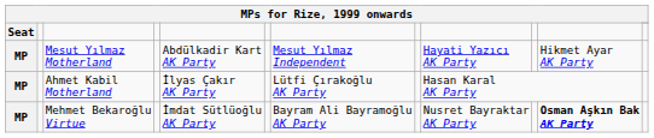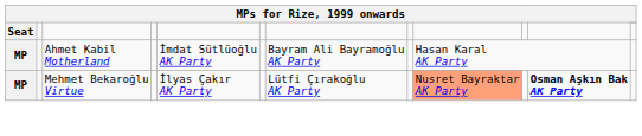 <table class="wikitable">
 <tr>
 <th colspan = 12>MPs for Rize, 1999 onwards</th>
 </tr>
 <tr>
 <th rowspan = 2>Seat</th>
 <td rowspan="2" style="width:1px;"></td>
 <td rowspan = 2></td>
 <td rowspan="2" style="width:1px;"></td>
 <td rowspan = 2></td>
 <td rowspan="2" style="width:1px;"></td>
 <td rowspan = 2></td>
 <td rowspan="2" style="width:1px;"></td>
 <td rowspan = 2></td>
 <td rowspan="2" style="width:1px;"></td>
 <td rowspan = 2></td>
 </tr>
 <tr>
 <td></td>
 </tr>
 <tr>
 <th>MP</th>
 <td width=1px style="background-color: "></td>
-<td colspan = 1><a href='#'>Mesut Yılmaz</a><br><em><a href='#'>Motherland</a></em></td>
-<td width=1px style="background-color: "></td>
-<td colspan = 1>Abdülkadir Kart<br><em><a href='#'>AK Party</a></em></td>
-<td width=1px style="background-color: "></td>
-<td colspan = 1><a href='#'>Mesut Yılmaz</a><br><em><a href='#'>Independent</a></em></td>
-<td width=1px style="background-color: "></td>
-<td colspan = 1><a href='#'>Hayati Yazıcı</a><br><em><a href='#'>AK Party</a></em></td>
-<td width=1px style="background-color: "></td>
-<td colspan = 1>Hikmet Ayar<br><em><a href='#'>AK Party</a></em></td>
-<td width=1px style="background-color: "></td>
-</tr>
-<tr>
-<th>MP</th>
-<td width=1px style="background-color: "></td>
 <td colspan = 1>Ahmet Kabil<br><em><a href='#'>Motherland</a></em></td>
 <td width=1px style="background-color: "></td>
-<td colspan = 1>İlyas Çakır<br><em><a href='#'>AK Party</a></em></td>
+<td colspan = 1>İmdat Sütlüoğlu<br><em><a href='#'>AK Party</a></em></td>
 <td width=1px style="background-color: "></td>
-<td colspan = 1>Lütfi Çırakoğlu<br><em><a href='#'>AK Party</a></em></td>
+<td colspan = 1>Bayram Ali Bayramoğlu<br><em><a href='#'>AK Party</a></em></td>
 <td width=1px style="background-color: "></td>
 <td colspan = 3>Hasan Karal<br><em><a href='#'>AK Party</a></em></td>
 <td width=1px style="background-color: "></td>
 </tr>
 <tr>
 <th>MP</th>
 <td width=1px style="background-color: "></td>
 <td colspan = 1>Mehmet Bekaroğlu<br><em><a href='#'>Virtue</a></em></td>
 <td width=1px style="background-color: "></td>
-<td colspan = 1>İmdat Sütlüoğlu<br><em><a href='#'>AK Party</a></em></td>
+<td colspan = 1>İlyas Çakır<br><em><a href='#'>AK Party</a></em></td>
 <td width=1px style="background-color: "></td>
-<td colspan = 1>Bayram Ali Bayramoğlu<br><em><a href='#'>AK Party</a></em></td>
+<td colspan = 1>Lütfi Çırakoğlu<br><em><a href='#'>AK Party</a></em></td>
 <td width=1px style="background-color: "></td>
-<td colspan = 1>Nusret Bayraktar<br><em><a href='#'>AK Party</a></em></td>
+<td colspan = 1 style="background: lightsalmon;">Nusret Bayraktar<br><em><a href='#'>AK Party</a></em></td>
 <td width=1px style="background-color: "></td>
 <td colspan = 1><strong>Osman Aşkın Bak<br><em><a href='#'>AK Party</a></em></strong></td>
 <td width=1px style="background-color: "></td>
 </tr>
 </table>
